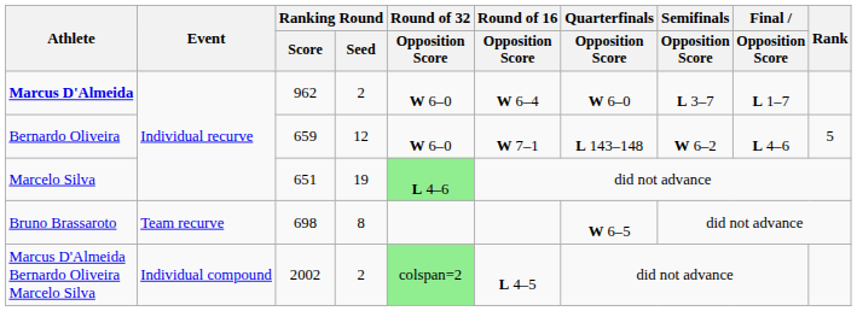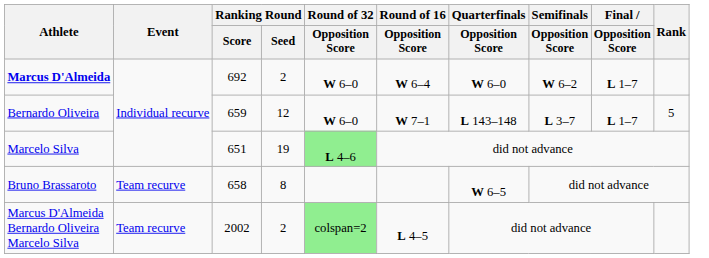 <table class="wikitable" style="font-size:90%">
 <tr>
 <th rowspan="2">Athlete</th>
 <th rowspan="2">Event</th>
 <th colspan="2">Ranking Round</th>
 <th>Round of 32</th>
 <th>Round of 16</th>
 <th>Quarterfinals</th>
 <th>Semifinals</th>
 <th>Final / </th>
 <th rowspan="2">Rank</th>
 </tr>
 <tr style="font-size:95%">
 <th>Score</th>
 <th>Seed</th>
 <th>Opposition<br>Score</th>
 <th>Opposition<br>Score</th>
 <th>Opposition<br>Score</th>
 <th>Opposition<br>Score</th>
 <th>Opposition<br>Score</th>
 </tr>
 <tr align=center>
 <td align=left><strong><a href='#'>Marcus D'Almeida</a></strong></td>
 <td align=left rowspan=3><a href='#'>Individual recurve</a></td>
-<td>962</td>
+<td>692</td>
 <td>2</td>
 <td><br><strong>W</strong> 6–0</td>
 <td><br><strong>W</strong> 6–4</td>
 <td><br><strong>W</strong> 6–0</td>
-<td><br><strong>L</strong> 3–7</td>
+<td><br><strong>W</strong> 6–2</td>
 <td><br><strong>L</strong> 1–7</td>
 <td></td>
 </tr>
 <tr align=center>
 <td align=left><a href='#'>Bernardo Oliveira</a></td>
 <td>659</td>
 <td>12</td>
 <td><br><strong>W</strong> 6–0</td>
 <td><br><strong>W</strong> 7–1</td>
 <td><br><strong>L</strong> 143–148</td>
-<td><br><strong>W</strong> 6–2</td>
-<td><br><strong>L</strong> 4–6</td>
+<td><br><strong>L</strong> 3–7</td>
+<td><br><strong>L</strong> 1–7</td>
 <td>5</td>
 </tr>
 <tr align=center>
 <td align=left><a href='#'>Marcelo Silva</a></td>
 <td>651</td>
 <td>19</td>
 <td style="background: lightgreen;"><br><strong>L</strong> 4–6</td>
 <td colspan=5>did not advance</td>
 </tr>
 <tr align=center>
 <td align=left><a href='#'>Bruno Brassaroto</a></td>
 <td align=left><a href='#'>Team recurve</a></td>
-<td>698</td>
+<td>658</td>
 <td>8</td>
 <td></td>
 <td></td>
 <td><br><strong>W</strong> 6–5</td>
 <td colspan=3>did not advance</td>
 </tr>
 <tr align=center>
 <td align=left><a href='#'>Marcus D'Almeida</a><br><a href='#'>Bernardo Oliveira</a><br><a href='#'>Marcelo Silva</a></td>
-<td align=left><a href='#'>Individual compound</a></td>
+<td align=left><a href='#'>Team recurve</a></td>
 <td>2002</td>
 <td>2</td>
 <td style="background: lightgreen;">colspan=2 </td>
 <td><br><strong>L</strong> 4–5</td>
 <td colspan=3>did not advance</td>
 </tr>
 </table>
